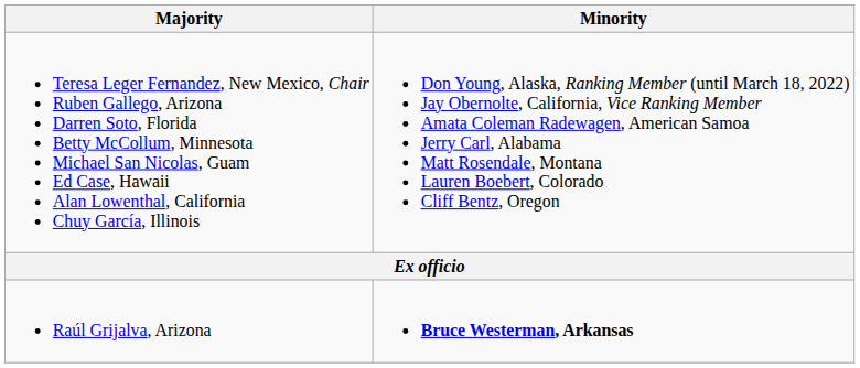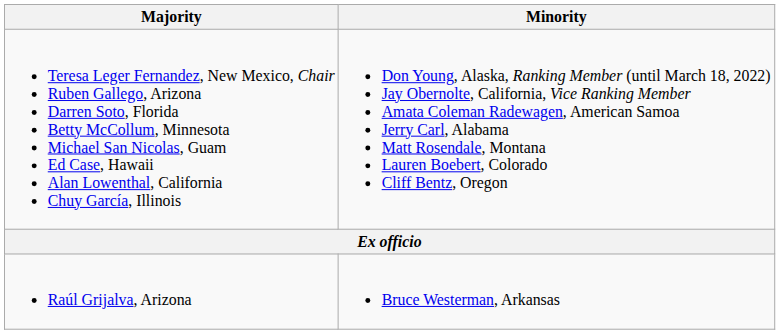 <table class=wikitable>
 <tr>
 <th>Majority</th>
 <th>Minority</th>
 </tr>
 <tr valign=top>
 <td><br><ul><li><a href='#'>Teresa Leger Fernandez</a>, New Mexico, <em>Chair</em></li><li><a href='#'>Ruben Gallego</a>, Arizona</li><li><a href='#'>Darren Soto</a>, Florida</li><li><a href='#'>Betty McCollum</a>, Minnesota</li><li><a href='#'>Michael San Nicolas</a>, Guam</li><li><a href='#'>Ed Case</a>, Hawaii</li><li><a href='#'>Alan Lowenthal</a>, California</li><li><a href='#'>Chuy García</a>, Illinois</li></ul></td>
 <td><br><ul><li><a href='#'>Don Young</a>, Alaska, <em>Ranking Member</em> (until March 18, 2022)</li><li><a href='#'>Jay Obernolte</a>, California, <em>Vice Ranking Member</em></li><li><a href='#'>Amata Coleman Radewagen</a>, American Samoa</li><li><a href='#'>Jerry Carl</a>, Alabama</li><li><a href='#'>Matt Rosendale</a>, Montana</li><li><a href='#'>Lauren Boebert</a>, Colorado</li><li><a href='#'>Cliff Bentz</a>, Oregon</li></ul></td>
 </tr>
 <tr>
 <th colspan=2><em>Ex officio</em></th>
 </tr>
 <tr>
 <td><br><ul><li><a href='#'>Raúl Grijalva</a>, Arizona</li></ul></td>
-<td><strong><br><ul><li><a href='#'>Bruce Westerman</a>, Arkansas</li></ul></strong></td>
+<td><br><ul><li><a href='#'>Bruce Westerman</a>, Arkansas</li></ul></td>
 </tr>
 </table>
